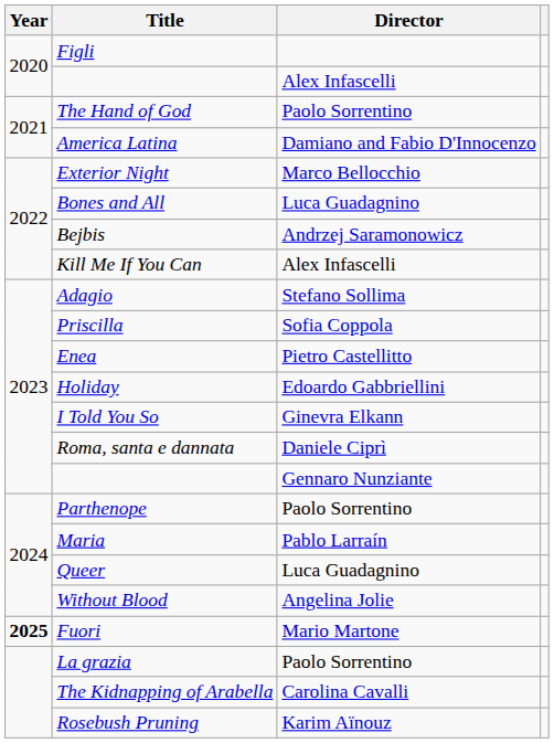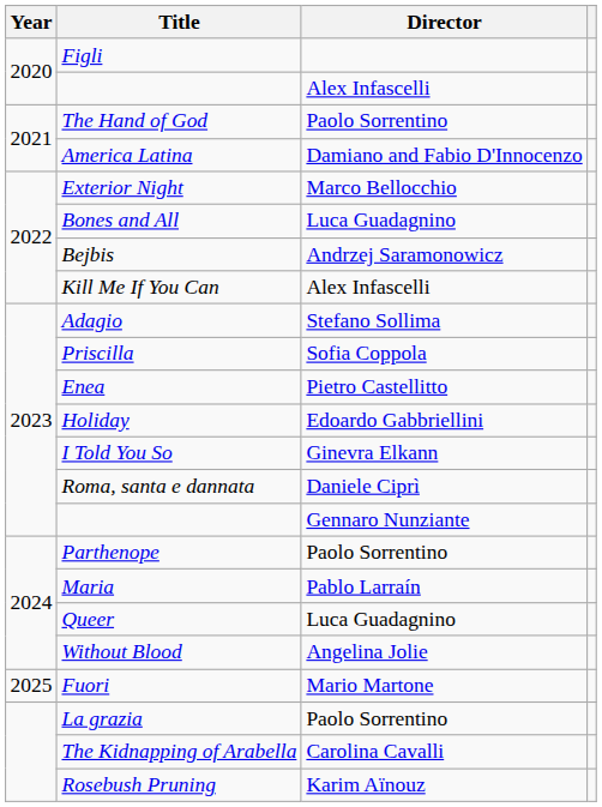 <table class="wikitable plainrowheaders sortable">
 <tr style="text-align:center;">
 <th>Year</th>
 <th>Title</th>
 <th>Director</th>
 <th class="unsortable"></th>
 </tr>
 <tr>
 <td rowspan="2">2020</td>
 <td><em><a href='#'>Figli</a></em></td>
 <td></td>
 <td></td>
 </tr>
 <tr>
 <td><em></em></td>
 <td><a href='#'>Alex Infascelli</a></td>
 <td></td>
 </tr>
 <tr>
 <td rowspan="2">2021</td>
 <td><em><a href='#'>The Hand of God</a></em></td>
 <td><a href='#'>Paolo Sorrentino</a></td>
 <td></td>
 </tr>
 <tr>
 <td><em><a href='#'>America Latina</a></em></td>
 <td><a href='#'>Damiano and Fabio D'Innocenzo</a></td>
 <td></td>
 </tr>
 <tr>
 <td rowspan="4">2022</td>
 <td><em><a href='#'>Exterior Night</a></em></td>
 <td><a href='#'>Marco Bellocchio</a></td>
 <td></td>
 </tr>
 <tr>
 <td><em><a href='#'>Bones and All</a></em></td>
 <td><a href='#'>Luca Guadagnino</a></td>
 <td></td>
 </tr>
 <tr>
 <td><em>Bejbis</em></td>
 <td><a href='#'>Andrzej Saramonowicz</a></td>
 <td></td>
 </tr>
 <tr>
 <td><em>Kill Me If You Can</em></td>
 <td>Alex Infascelli</td>
 <td></td>
 </tr>
 <tr>
 <td rowspan="7">2023</td>
 <td><em><a href='#'>Adagio</a></em></td>
 <td><a href='#'>Stefano Sollima</a></td>
 <td></td>
 </tr>
 <tr>
 <td><em><a href='#'>Priscilla</a></em></td>
 <td><a href='#'>Sofia Coppola</a></td>
 <td></td>
 </tr>
 <tr>
 <td><em><a href='#'>Enea</a></em></td>
 <td><a href='#'>Pietro Castellitto</a></td>
 <td></td>
 </tr>
 <tr>
 <td><em><a href='#'>Holiday</a></em></td>
 <td><a href='#'>Edoardo Gabbriellini</a></td>
 <td></td>
 </tr>
 <tr>
 <td><em><a href='#'>I Told You So</a></em></td>
 <td><a href='#'>Ginevra Elkann</a></td>
 <td></td>
 </tr>
 <tr>
 <td><em>Roma, santa e dannata</em></td>
 <td><a href='#'>Daniele Ciprì</a></td>
 <td></td>
 </tr>
 <tr>
 <td><em></em></td>
 <td><a href='#'>Gennaro Nunziante</a></td>
 <td></td>
 </tr>
 <tr>
 <td rowspan="4">2024</td>
 <td><em><a href='#'>Parthenope</a></em></td>
 <td>Paolo Sorrentino</td>
 <td></td>
 </tr>
 <tr>
 <td><em><a href='#'>Maria</a></em></td>
 <td><a href='#'>Pablo Larraín</a></td>
 <td></td>
 </tr>
 <tr>
 <td><em><a href='#'>Queer</a></em></td>
 <td>Luca Guadagnino</td>
 <td></td>
 </tr>
 <tr>
 <td><em><a href='#'>Without Blood</a></em></td>
 <td><a href='#'>Angelina Jolie</a></td>
 <td></td>
 </tr>
 <tr>
-<td><strong>2025</strong></td>
+<td>2025</td>
 <td><em><a href='#'>Fuori</a></em></td>
 <td><a href='#'>Mario Martone</a></td>
 <td></td>
 </tr>
 <tr>
 <td rowspan="3"></td>
 <td><em><a href='#'>La grazia</a></em></td>
 <td>Paolo Sorrentino</td>
 <td></td>
 </tr>
 <tr>
 <td><em><a href='#'>The Kidnapping of Arabella</a></em></td>
 <td><a href='#'>Carolina Cavalli</a></td>
 <td></td>
 </tr>
 <tr>
 <td><em><a href='#'>Rosebush Pruning</a></em></td>
 <td><a href='#'>Karim Aïnouz</a></td>
 <td></td>
 </tr>
 </table>
